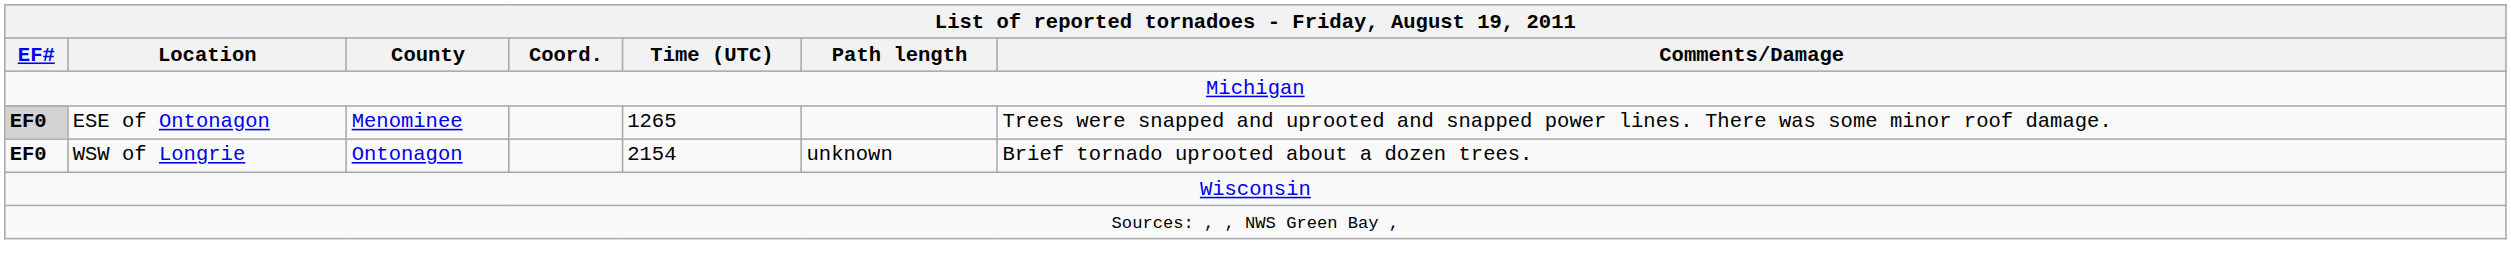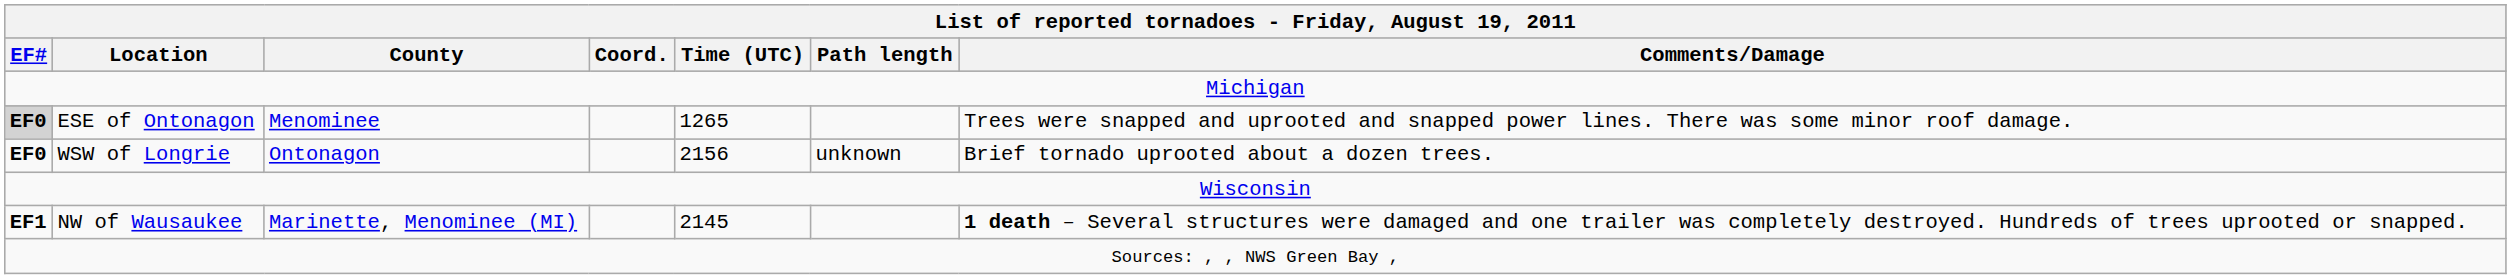 <table class="wikitable collapsible" width="100%">
 <tr>
 <th colspan="7">List of reported tornadoes - Friday, August 19, 2011</th>
 </tr>
 <tr>
 <th><a href='#'>EF#</a></th>
 <th>Location</th>
 <th>County</th>
 <th>Coord.</th>
 <th>Time (UTC)</th>
 <th>Path length</th>
 <th>Comments/Damage</th>
 </tr>
 <tr>
 <td colspan="7" align=center><a href='#'>Michigan</a></td>
 </tr>
 <tr>
 <td style="background: lightgrey;"><strong>EF0</strong></td>
 <td>ESE of <a href='#'>Ontonagon</a></td>
 <td><a href='#'>Menominee</a></td>
 <td></td>
 <td>1265</td>
 <td></td>
 <td>Trees were snapped and uprooted and snapped power lines. There was some minor roof damage.</td>
 </tr>
 <tr>
 <td><strong>EF0</strong></td>
 <td>WSW of <a href='#'>Longrie</a></td>
 <td><a href='#'>Ontonagon</a></td>
 <td></td>
-<td>2154</td>
+<td>2156</td>
 <td>unknown</td>
 <td>Brief tornado uprooted about a dozen trees.</td>
 </tr>
 <tr>
 <td colspan="7" align=center><a href='#'>Wisconsin</a></td>
 </tr>
 <tr>
+<td><strong>EF1</strong></td>
+<td>NW of <a href='#'>Wausaukee</a></td>
+<td><a href='#'>Marinette</a>, <a href='#'>Menominee (MI)</a></td>
+<td></td>
+<td>2145</td>
+<td></td>
+<td><strong>1 death</strong> – Several structures were damaged and one trailer was completely destroyed. Hundreds of trees uprooted or snapped.</td>
+</tr>
+<tr>
 <td colspan="7" align=center><small>Sources: , , NWS Green Bay , </small></td>
 </tr>
 </table>
